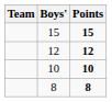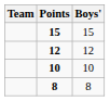 <table class=wikitable style="text-align:center">
 <tr>
 <th>Team</th>
+<th>Points</th>
 <th>Boys'</th>
-<th>Points</th>
 </tr>
 <tr>
 <td align=left></td>
+<td><strong>15</strong></td>
 <td>15</td>
-<td><strong>15</strong></td>
 </tr>
 <tr>
 <td align=left></td>
+<td><strong>12</strong></td>
 <td>12</td>
-<td><strong>12</strong></td>
 </tr>
 <tr>
 <td align=left></td>
+<td><strong>10</strong></td>
 <td>10</td>
-<td><strong>10</strong></td>
 </tr>
 <tr>
 <td align=left></td>
+<td><strong>8</strong></td>
 <td>8</td>
-<td><strong>8</strong></td>
 </tr>
 </table>
